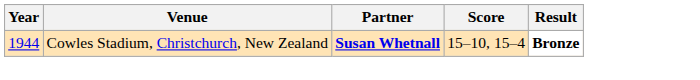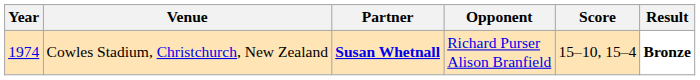 <table class="sortable wikitable" style="font-size: 90%;">
 <tr>
 <th>Year</th>
 <th>Venue</th>
 <th>Partner</th>
+<th>Opponent</th>
 <th>Score</th>
 <th>Result</th>
 </tr>
 <tr style="background:#FFE4B5">
-<td align="center"><a href='#'>1944</a></td>
+<td align="center"><a href='#'>1974</a></td>
 <td align="left">Cowles Stadium, <a href='#'>Christchurch</a>, New Zealand</td>
 <td align="left"><strong> <a href='#'>Susan Whetnall</a></strong></td>
+<td align="left"> <a href='#'>Richard Purser</a><br> <a href='#'>Alison Branfield</a></td>
 <td align="left">15–10, 15–4</td>
 <td style="text-align:left; background:white"> <strong>Bronze</strong></td>
 </tr>
 </table>
